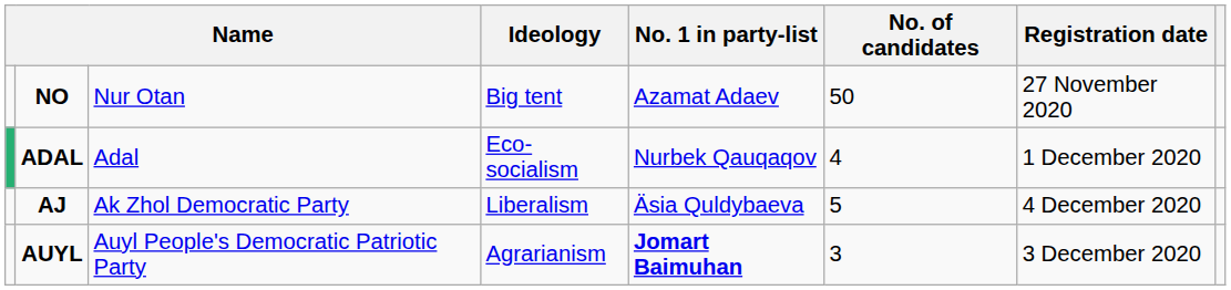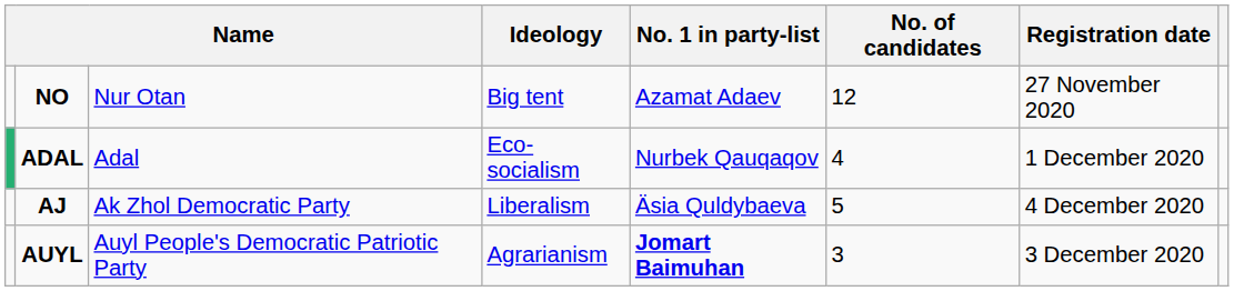 <table class="wikitable">
 <tr>
 <th colspan="3">Name</th>
 <th>Ideology</th>
 <th>No. 1 in party-list</th>
 <th>No. of candidates</th>
 <th>Registration date</th>
 <th></th>
 </tr>
 <tr>
 <td></td>
 <td align="center"><strong>NO</strong></td>
 <td><a href='#'>Nur Otan</a></td>
 <td><a href='#'>Big tent</a></td>
 <td><a href='#'>Azamat Adaev</a></td>
-<td>50</td>
+<td>12</td>
 <td>27 November 2020</td>
 <td></td>
 </tr>
 <tr>
 <td bgcolor="#25B072"></td>
 <td align="center"><strong>ADAL</strong></td>
 <td><a href='#'>Adal</a></td>
 <td><a href='#'>Eco-socialism</a></td>
 <td><a href='#'>Nurbek Qauqaqov</a></td>
 <td>4</td>
 <td>1 December 2020</td>
 <td></td>
 </tr>
 <tr>
 <td></td>
 <td align="center"><strong>AJ</strong></td>
 <td><a href='#'>Ak Zhol Democratic Party</a></td>
 <td><a href='#'>Liberalism</a></td>
 <td><a href='#'>Äsia Quldybaeva</a></td>
 <td>5</td>
 <td>4 December 2020</td>
 <td></td>
 </tr>
 <tr>
 <td></td>
 <td align="center"><strong>AUYL</strong></td>
 <td><a href='#'>Auyl People's Democratic Patriotic Party</a></td>
 <td><a href='#'>Agrarianism</a></td>
 <td><strong><a href='#'>Jomart Baimuhan</a></strong></td>
 <td>3</td>
 <td>3 December 2020</td>
 <td></td>
 </tr>
 </table>
